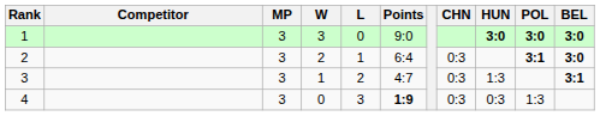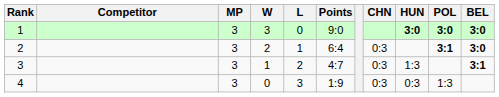 <table class="wikitable" style="text-align:center">
 <tr>
 <th>Rank</th>
 <th style="width:16em">Competitor</th>
 <th style="width:2.5em">MP</th>
 <th style="width:2.5em">W</th>
 <th style="width:2.5em">L</th>
 <th>Points</th>
 <th rowspan="5"> </th>
 <th style="width:2.5em">CHN</th>
 <th style="width:2.5em">HUN</th>
 <th style="width:2.5em">POL</th>
 <th style="width:2.5em">BEL</th>
 </tr>
 <tr style="background:#cfc;">
 <td>1</td>
 <td style="text-align:left"></td>
 <td>3</td>
 <td>3</td>
 <td>0</td>
 <td>9:0</td>
 <td></td>
 <td><strong>3:0</strong></td>
 <td><strong>3:0</strong></td>
 <td><strong>3:0</strong></td>
 </tr>
 <tr>
 <td>2</td>
 <td style="text-align:left"></td>
 <td>3</td>
 <td>2</td>
 <td>1</td>
 <td>6:4</td>
 <td>0:3</td>
 <td></td>
 <td><strong>3:1</strong></td>
 <td><strong>3:0</strong></td>
 </tr>
 <tr>
 <td>3</td>
 <td style="text-align:left"></td>
 <td>3</td>
 <td>1</td>
 <td>2</td>
 <td>4:7</td>
 <td>0:3</td>
 <td>1:3</td>
 <td></td>
 <td><strong>3:1</strong></td>
 </tr>
 <tr>
 <td>4</td>
 <td style="text-align:left"></td>
 <td>3</td>
 <td>0</td>
 <td>3</td>
-<td><strong>1:9</strong></td>
+<td>1:9</td>
 <td>0:3</td>
 <td>0:3</td>
 <td>1:3</td>
 <td></td>
 </tr>
 </table>
